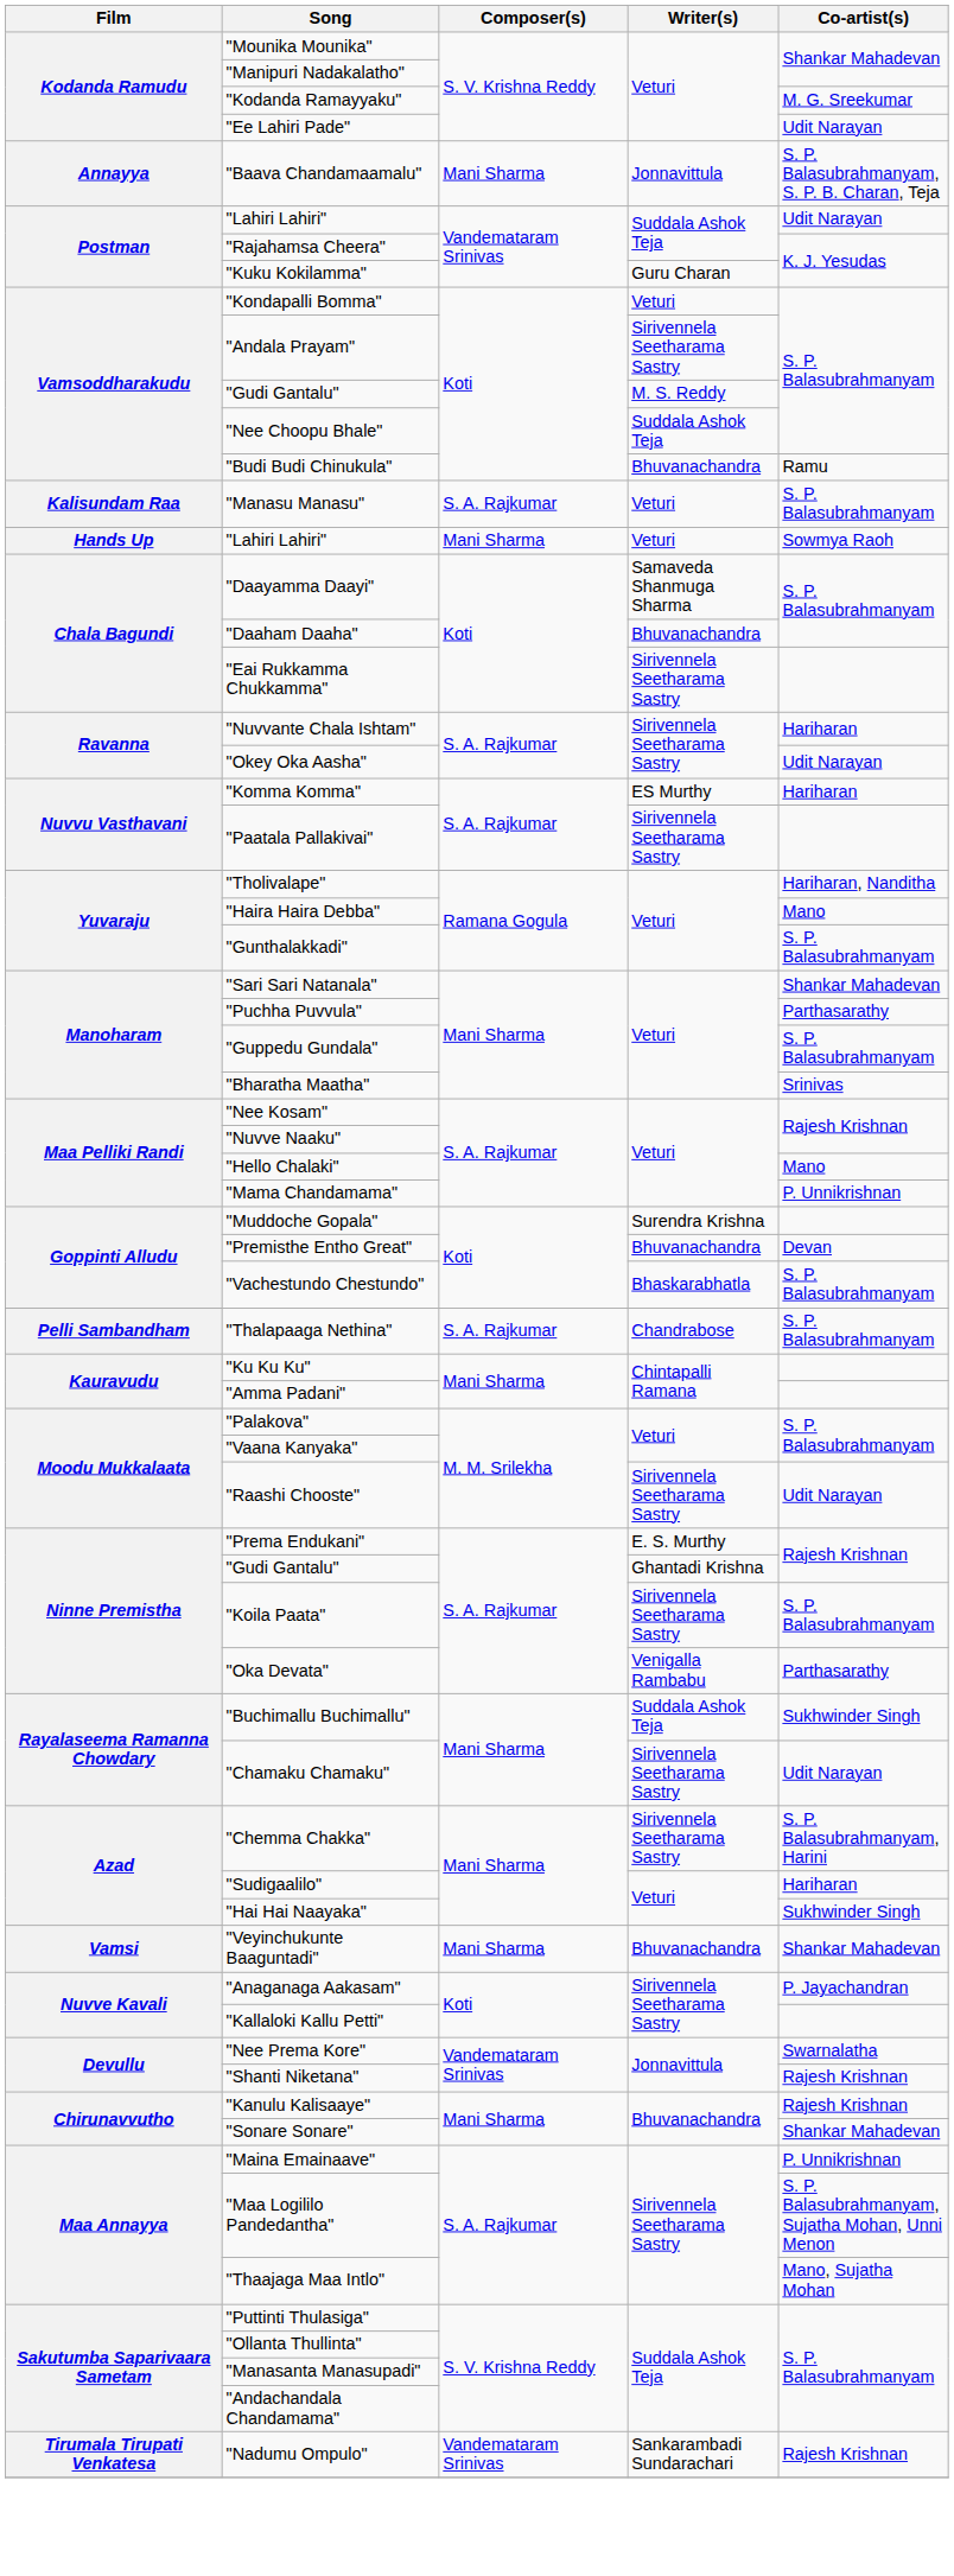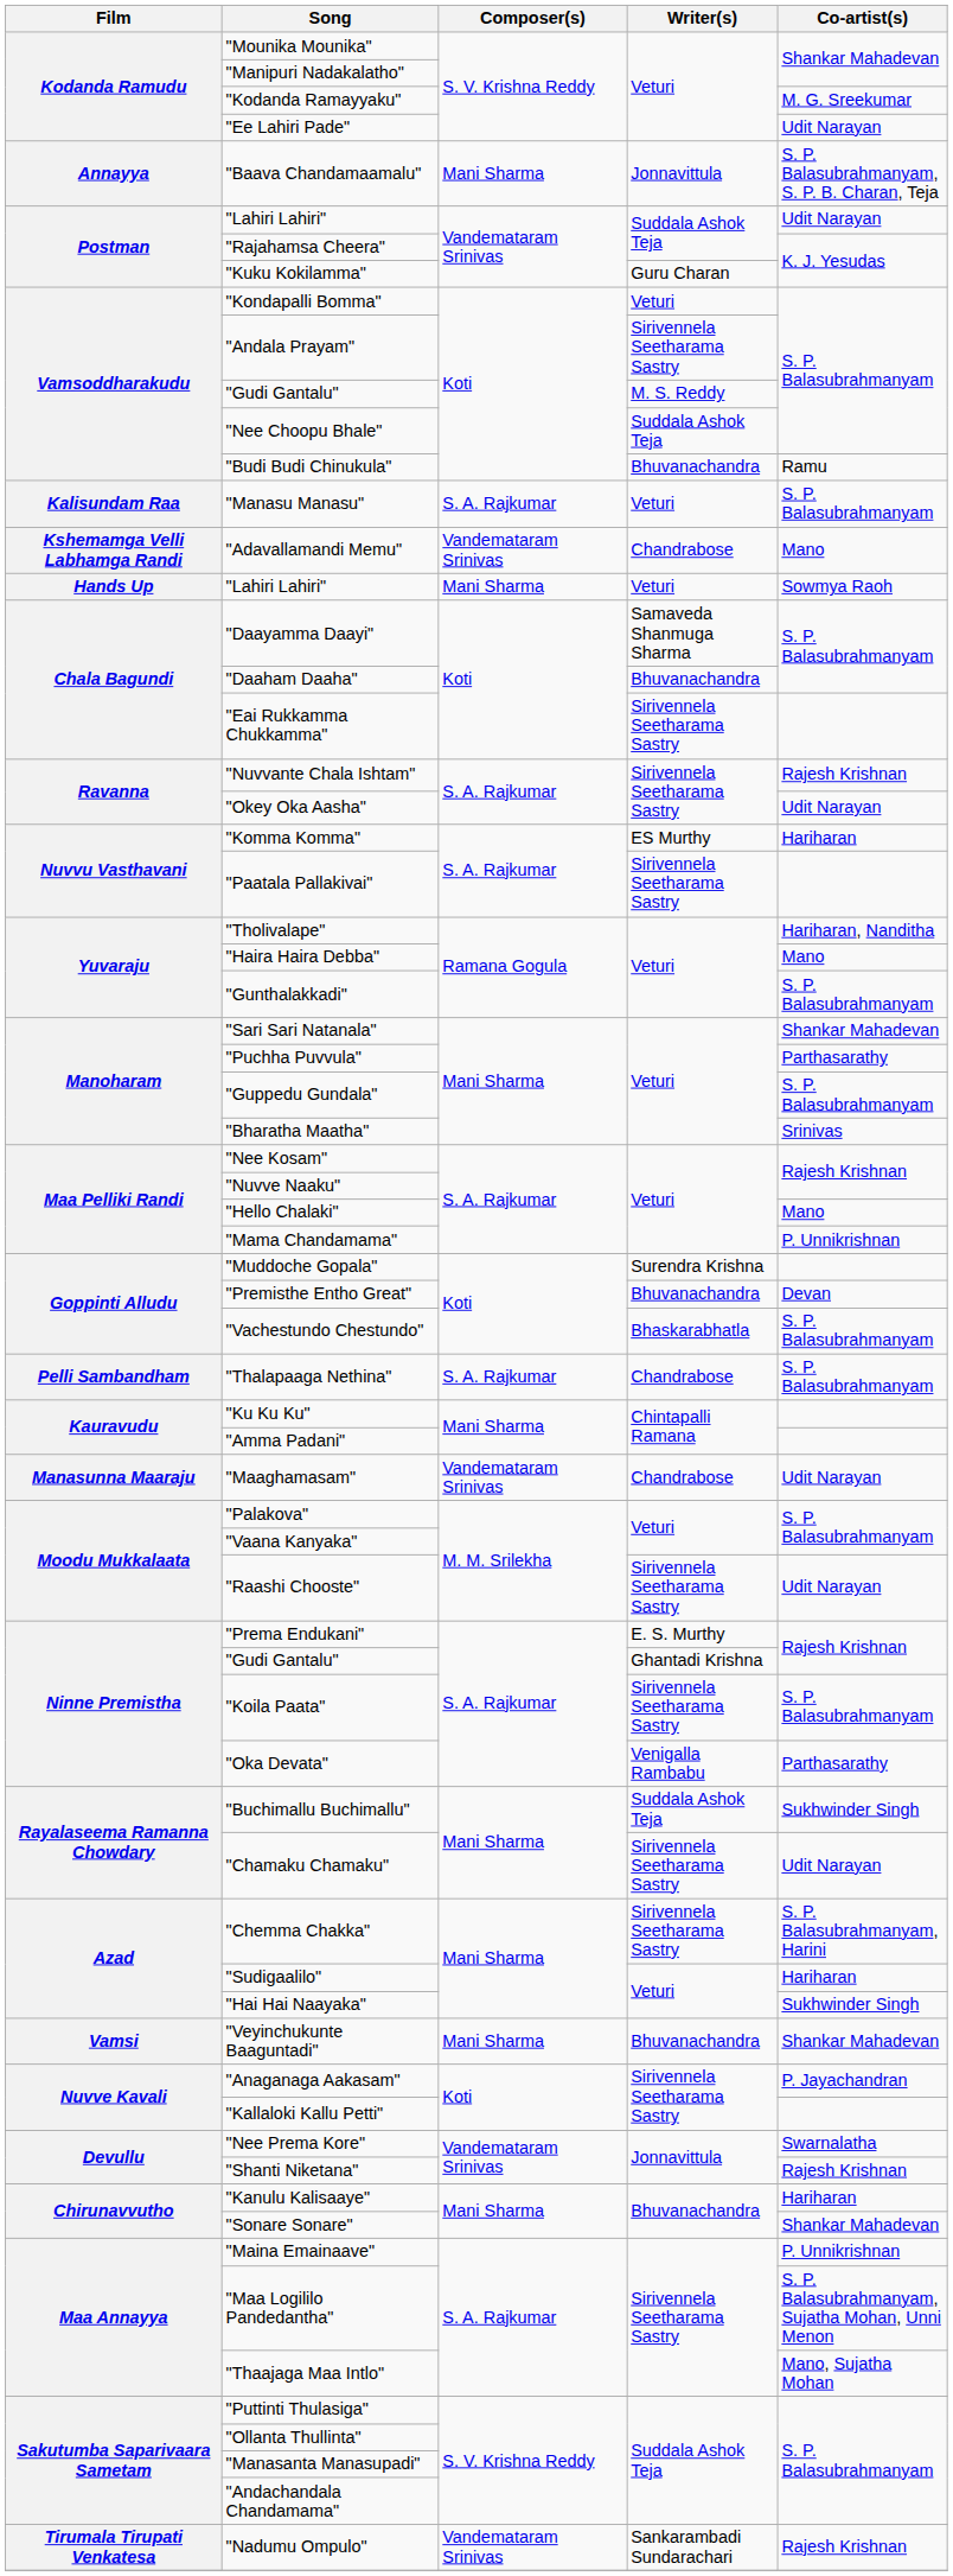 <table class="wikitable plainrowheaders" width="100%" textcolor:#000;">
 <tr>
 <th scope="col" width=23%><strong>Film</strong></th>
 <th scope="col" width=23%><strong>Song</strong></th>
 <th scope="col" width=20%><strong>Composer(s)</strong></th>
 <th scope="col" width=16%><strong>Writer(s)</strong></th>
 <th scope="col" width=18%><strong>Co-artist(s)</strong></th>
 </tr>
 <tr>
 <th rowspan="4"><em><a href='#'>Kodanda Ramudu</a></em></th>
 <td>"Mounika Mounika"</td>
 <td rowspan="4"><a href='#'>S. V. Krishna Reddy</a></td>
 <td rowspan="4"><a href='#'>Veturi</a></td>
 <td rowspan="2"><a href='#'>Shankar Mahadevan</a></td>
 </tr>
 <tr>
 <td>"Manipuri Nadakalatho"</td>
 </tr>
 <tr>
 <td>"Kodanda Ramayyaku"</td>
 <td><a href='#'>M. G. Sreekumar</a></td>
 </tr>
 <tr>
 <td>"Ee Lahiri Pade"</td>
 <td><a href='#'>Udit Narayan</a></td>
 </tr>
 <tr>
 <th><em><a href='#'>Annayya</a></em></th>
 <td>"Baava Chandamaamalu"</td>
 <td><a href='#'>Mani Sharma</a></td>
 <td><a href='#'>Jonnavittula</a></td>
 <td><a href='#'>S. P. Balasubrahmanyam</a>, <a href='#'>S. P. B. Charan</a>, Teja</td>
 </tr>
 <tr>
 <th rowspan="3"><em><a href='#'>Postman</a></em></th>
 <td>"Lahiri Lahiri"</td>
 <td rowspan="3"><a href='#'>Vandemataram Srinivas</a></td>
 <td rowspan="2"><a href='#'>Suddala Ashok Teja</a></td>
 <td><a href='#'>Udit Narayan</a></td>
 </tr>
 <tr>
 <td>"Rajahamsa Cheera"</td>
 <td rowspan="2"><a href='#'>K. J. Yesudas</a></td>
 </tr>
 <tr>
 <td>"Kuku Kokilamma"</td>
 <td>Guru Charan</td>
 </tr>
 <tr>
 <th rowspan="5"><em><a href='#'>Vamsoddharakudu</a></em></th>
 <td>"Kondapalli Bomma"</td>
 <td rowspan="5"><a href='#'>Koti</a></td>
 <td><a href='#'>Veturi</a></td>
 <td rowspan="4"><a href='#'>S. P. Balasubrahmanyam</a></td>
 </tr>
 <tr>
 <td>"Andala Prayam"</td>
 <td><a href='#'>Sirivennela Seetharama Sastry</a></td>
 </tr>
 <tr>
 <td>"Gudi Gantalu"</td>
 <td><a href='#'>M. S. Reddy</a></td>
 </tr>
 <tr>
 <td>"Nee Choopu Bhale"</td>
 <td><a href='#'>Suddala Ashok Teja</a></td>
 </tr>
 <tr>
 <td>"Budi Budi Chinukula"</td>
 <td><a href='#'>Bhuvanachandra</a></td>
 <td>Ramu</td>
 </tr>
 <tr>
 <th><em><a href='#'>Kalisundam Raa</a></em></th>
 <td>"Manasu Manasu"</td>
 <td><a href='#'>S. A. Rajkumar</a></td>
 <td><a href='#'>Veturi</a></td>
 <td><a href='#'>S. P. Balasubrahmanyam</a></td>
 </tr>
 <tr>
+<th><em><a href='#'>Kshemamga Velli Labhamga Randi</a></em></th>
+<td>"Adavallamandi Memu"</td>
+<td><a href='#'>Vandemataram Srinivas</a></td>
+<td><a href='#'>Chandrabose</a></td>
+<td><a href='#'>Mano</a></td>
+</tr>
+<tr>
 <th><em><a href='#'>Hands Up</a></em></th>
 <td>"Lahiri Lahiri"</td>
 <td><a href='#'>Mani Sharma</a></td>
 <td><a href='#'>Veturi</a></td>
 <td><a href='#'>Sowmya Raoh</a></td>
 </tr>
 <tr>
 <th rowspan="3"><em><a href='#'>Chala Bagundi</a></em></th>
 <td>"Daayamma Daayi"</td>
 <td rowspan="3"><a href='#'>Koti</a></td>
 <td>Samaveda Shanmuga Sharma</td>
 <td rowspan="2"><a href='#'>S. P. Balasubrahmanyam</a></td>
 </tr>
 <tr>
 <td>"Daaham Daaha"</td>
 <td><a href='#'>Bhuvanachandra</a></td>
 </tr>
 <tr>
 <td>"Eai Rukkamma Chukkamma"</td>
 <td><a href='#'>Sirivennela Seetharama Sastry</a></td>
 <td></td>
 </tr>
 <tr>
 <th rowspan="2"><em><a href='#'>Ravanna</a></em></th>
 <td>"Nuvvante Chala Ishtam"</td>
 <td rowspan="2"><a href='#'>S. A. Rajkumar</a></td>
 <td rowspan="2"><a href='#'>Sirivennela Seetharama Sastry</a></td>
-<td><a href='#'>Hariharan</a></td>
+<td><a href='#'>Rajesh Krishnan</a></td>
 </tr>
 <tr>
 <td>"Okey Oka Aasha"</td>
 <td><a href='#'>Udit Narayan</a></td>
 </tr>
 <tr>
 <th rowspan="2"><em><a href='#'>Nuvvu Vasthavani</a></em></th>
 <td>"Komma Komma"</td>
 <td rowspan="2"><a href='#'>S. A. Rajkumar</a></td>
 <td>ES Murthy</td>
 <td><a href='#'>Hariharan</a></td>
 </tr>
 <tr>
 <td>"Paatala Pallakivai"</td>
 <td><a href='#'>Sirivennela Seetharama Sastry</a></td>
 <td></td>
 </tr>
 <tr>
 <th rowspan="3"><em><a href='#'>Yuvaraju</a></em></th>
 <td>"Tholivalape"</td>
 <td rowspan="3"><a href='#'>Ramana Gogula</a></td>
 <td rowspan="3"><a href='#'>Veturi</a></td>
 <td><a href='#'>Hariharan</a>, <a href='#'>Nanditha</a></td>
 </tr>
 <tr>
 <td>"Haira Haira Debba"</td>
 <td><a href='#'>Mano</a></td>
 </tr>
 <tr>
 <td>"Gunthalakkadi"</td>
 <td><a href='#'>S. P. Balasubrahmanyam</a></td>
 </tr>
 <tr>
 <th rowspan="4"><em><a href='#'>Manoharam</a></em></th>
 <td>"Sari Sari Natanala"</td>
 <td rowspan="4"><a href='#'>Mani Sharma</a></td>
 <td rowspan="4"><a href='#'>Veturi</a></td>
 <td><a href='#'>Shankar Mahadevan</a></td>
 </tr>
 <tr>
 <td>"Puchha Puvvula"</td>
 <td><a href='#'>Parthasarathy</a></td>
 </tr>
 <tr>
 <td>"Guppedu Gundala"</td>
 <td><a href='#'>S. P. Balasubrahmanyam</a></td>
 </tr>
 <tr>
 <td>"Bharatha Maatha"</td>
 <td><a href='#'>Srinivas</a></td>
 </tr>
 <tr>
 <th rowspan="4"><em><a href='#'>Maa Pelliki Randi</a></em></th>
 <td>"Nee Kosam"</td>
 <td rowspan="4"><a href='#'>S. A. Rajkumar</a></td>
 <td rowspan="4"><a href='#'>Veturi</a></td>
 <td rowspan="2"><a href='#'>Rajesh Krishnan</a></td>
 </tr>
 <tr>
 <td>"Nuvve Naaku"</td>
 </tr>
 <tr>
 <td>"Hello Chalaki"</td>
 <td><a href='#'>Mano</a></td>
 </tr>
 <tr>
 <td>"Mama Chandamama"</td>
 <td><a href='#'>P. Unnikrishnan</a></td>
 </tr>
 <tr>
 <th rowspan="3"><em><a href='#'>Goppinti Alludu</a></em></th>
 <td>"Muddoche Gopala"</td>
 <td rowspan="3"><a href='#'>Koti</a></td>
 <td>Surendra Krishna</td>
 <td></td>
 </tr>
 <tr>
 <td>"Premisthe Entho Great"</td>
 <td><a href='#'>Bhuvanachandra</a></td>
 <td><a href='#'>Devan</a></td>
 </tr>
 <tr>
 <td>"Vachestundo Chestundo"</td>
 <td><a href='#'>Bhaskarabhatla</a></td>
 <td><a href='#'>S. P. Balasubrahmanyam</a></td>
 </tr>
 <tr>
 <th><em><a href='#'>Pelli Sambandham</a></em></th>
 <td>"Thalapaaga Nethina"</td>
 <td><a href='#'>S. A. Rajkumar</a></td>
 <td><a href='#'>Chandrabose</a></td>
 <td><a href='#'>S. P. Balasubrahmanyam</a></td>
 </tr>
 <tr>
 <th rowspan="2"><em><a href='#'>Kauravudu</a></em></th>
 <td>"Ku Ku Ku"</td>
 <td rowspan="2"><a href='#'>Mani Sharma</a></td>
 <td rowspan="2"><a href='#'>Chintapalli Ramana</a></td>
 <td></td>
 </tr>
 <tr>
 <td>"Amma Padani"</td>
 <td></td>
 </tr>
 <tr>
+<th><em><a href='#'>Manasunna Maaraju</a></em></th>
+<td>"Maaghamasam"</td>
+<td><a href='#'>Vandemataram Srinivas</a></td>
+<td><a href='#'>Chandrabose</a></td>
+<td><a href='#'>Udit Narayan</a></td>
+</tr>
+<tr>
 <th rowspan="3"><em><a href='#'>Moodu Mukkalaata</a></em></th>
 <td>"Palakova"</td>
 <td rowspan="3"><a href='#'>M. M. Srilekha</a></td>
 <td rowspan="2"><a href='#'>Veturi</a></td>
 <td rowspan="2"><a href='#'>S. P. Balasubrahmanyam</a></td>
 </tr>
 <tr>
 <td>"Vaana Kanyaka"</td>
 </tr>
 <tr>
 <td>"Raashi Chooste"</td>
 <td><a href='#'>Sirivennela Seetharama Sastry</a></td>
 <td><a href='#'>Udit Narayan</a></td>
 </tr>
 <tr>
 <th rowspan="4"><em><a href='#'>Ninne Premistha</a></em></th>
 <td>"Prema Endukani"</td>
 <td rowspan="4"><a href='#'>S. A. Rajkumar</a></td>
 <td>E. S. Murthy</td>
 <td rowspan="2"><a href='#'>Rajesh Krishnan</a></td>
 </tr>
 <tr>
 <td>"Gudi Gantalu"</td>
 <td>Ghantadi Krishna</td>
 </tr>
 <tr>
 <td>"Koila Paata"</td>
 <td><a href='#'>Sirivennela Seetharama Sastry</a></td>
 <td><a href='#'>S. P. Balasubrahmanyam</a></td>
 </tr>
 <tr>
 <td>"Oka Devata"</td>
 <td><a href='#'>Venigalla Rambabu</a></td>
 <td><a href='#'>Parthasarathy</a></td>
 </tr>
 <tr>
 <th rowspan="2"><em><a href='#'>Rayalaseema Ramanna Chowdary</a></em></th>
 <td>"Buchimallu Buchimallu"</td>
 <td rowspan="2"><a href='#'>Mani Sharma</a></td>
 <td><a href='#'>Suddala Ashok Teja</a></td>
 <td><a href='#'>Sukhwinder Singh</a></td>
 </tr>
 <tr>
 <td>"Chamaku Chamaku"</td>
 <td><a href='#'>Sirivennela Seetharama Sastry</a></td>
 <td><a href='#'>Udit Narayan</a></td>
 </tr>
 <tr>
 <th rowspan="3"><em><a href='#'>Azad</a></em></th>
 <td>"Chemma Chakka"</td>
 <td rowspan="3"><a href='#'>Mani Sharma</a></td>
 <td><a href='#'>Sirivennela Seetharama Sastry</a></td>
 <td><a href='#'>S. P. Balasubrahmanyam</a>, <a href='#'>Harini</a></td>
 </tr>
 <tr>
 <td>"Sudigaalilo"</td>
 <td rowspan="2"><a href='#'>Veturi</a></td>
 <td><a href='#'>Hariharan</a></td>
 </tr>
 <tr>
 <td>"Hai Hai Naayaka"</td>
 <td><a href='#'>Sukhwinder Singh</a></td>
 </tr>
 <tr>
 <th><em><a href='#'>Vamsi</a></em></th>
 <td>"Veyinchukunte Baaguntadi"</td>
 <td><a href='#'>Mani Sharma</a></td>
 <td><a href='#'>Bhuvanachandra</a></td>
 <td><a href='#'>Shankar Mahadevan</a></td>
 </tr>
 <tr>
 <th rowspan="2"><em><a href='#'>Nuvve Kavali</a></em></th>
 <td>"Anaganaga Aakasam"</td>
 <td rowspan="2"><a href='#'>Koti</a></td>
 <td rowspan="2"><a href='#'>Sirivennela Seetharama Sastry</a></td>
 <td><a href='#'>P. Jayachandran</a></td>
 </tr>
 <tr>
 <td>"Kallaloki Kallu Petti"</td>
 <td></td>
 </tr>
 <tr>
 <th rowspan="2"><em><a href='#'>Devullu</a></em></th>
 <td>"Nee Prema Kore"</td>
 <td rowspan="2"><a href='#'>Vandemataram Srinivas</a></td>
 <td rowspan="2"><a href='#'>Jonnavittula</a></td>
 <td><a href='#'>Swarnalatha</a></td>
 </tr>
 <tr>
 <td>"Shanti Niketana"</td>
 <td><a href='#'>Rajesh Krishnan</a></td>
 </tr>
 <tr>
 <th rowspan="2"><em><a href='#'>Chirunavvutho</a></em></th>
 <td>"Kanulu Kalisaaye"</td>
 <td rowspan="2"><a href='#'>Mani Sharma</a></td>
 <td rowspan="2"><a href='#'>Bhuvanachandra</a></td>
-<td><a href='#'>Rajesh Krishnan</a></td>
+<td><a href='#'>Hariharan</a></td>
 </tr>
 <tr>
 <td>"Sonare Sonare"</td>
 <td><a href='#'>Shankar Mahadevan</a></td>
 </tr>
 <tr>
 <th rowspan="3"><em><a href='#'>Maa Annayya</a></em></th>
 <td>"Maina Emainaave"</td>
 <td rowspan="3"><a href='#'>S. A. Rajkumar</a></td>
 <td rowspan="3"><a href='#'>Sirivennela Seetharama Sastry</a></td>
 <td><a href='#'>P. Unnikrishnan</a></td>
 </tr>
 <tr>
 <td>"Maa Logililo Pandedantha"</td>
 <td><a href='#'>S. P. Balasubrahmanyam</a>, <a href='#'>Sujatha Mohan</a>, <a href='#'>Unni Menon</a></td>
 </tr>
 <tr>
 <td>"Thaajaga Maa Intlo"</td>
 <td><a href='#'>Mano</a>, <a href='#'>Sujatha Mohan</a></td>
 </tr>
 <tr>
 <th rowspan="4"><em><a href='#'>Sakutumba Saparivaara Sametam</a></em></th>
 <td>"Puttinti Thulasiga"</td>
 <td rowspan="4"><a href='#'>S. V. Krishna Reddy</a></td>
 <td rowspan="4"><a href='#'>Suddala Ashok Teja</a></td>
 <td rowspan="4"><a href='#'>S. P. Balasubrahmanyam</a></td>
 </tr>
 <tr>
 <td>"Ollanta Thullinta"</td>
 </tr>
 <tr>
 <td>"Manasanta Manasupadi"</td>
 </tr>
 <tr>
 <td>"Andachandala Chandamama"</td>
 </tr>
 <tr>
 <th><em><a href='#'>Tirumala Tirupati Venkatesa</a></em></th>
 <td>"Nadumu Ompulo"</td>
 <td><a href='#'>Vandemataram Srinivas</a></td>
 <td>Sankarambadi Sundarachari</td>
 <td><a href='#'>Rajesh Krishnan</a></td>
 </tr>
 <tr>
 </tr>
 </table>
